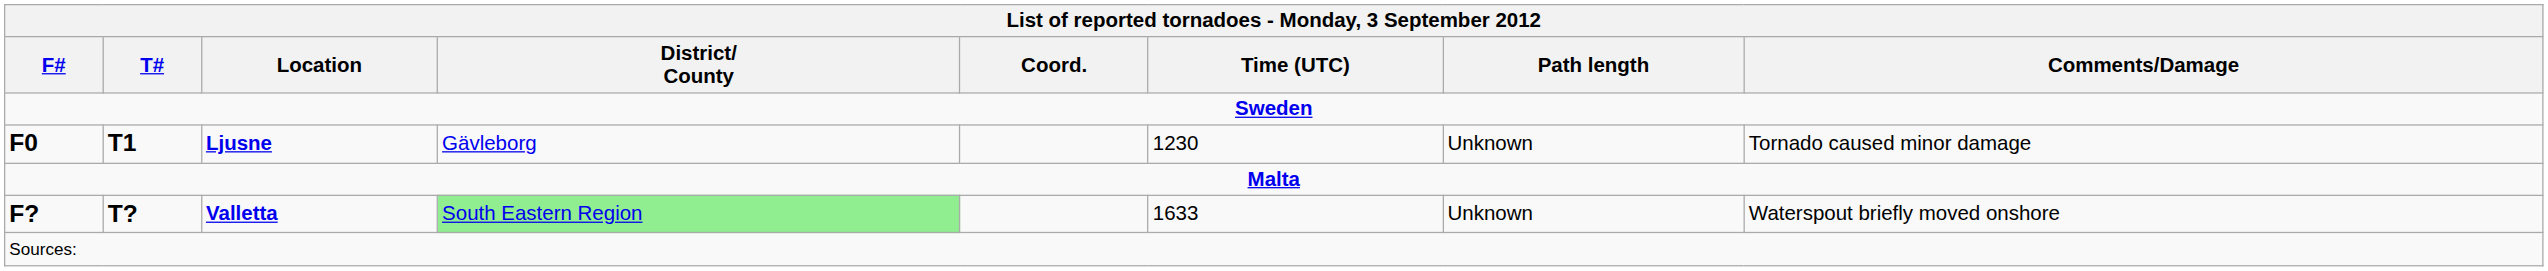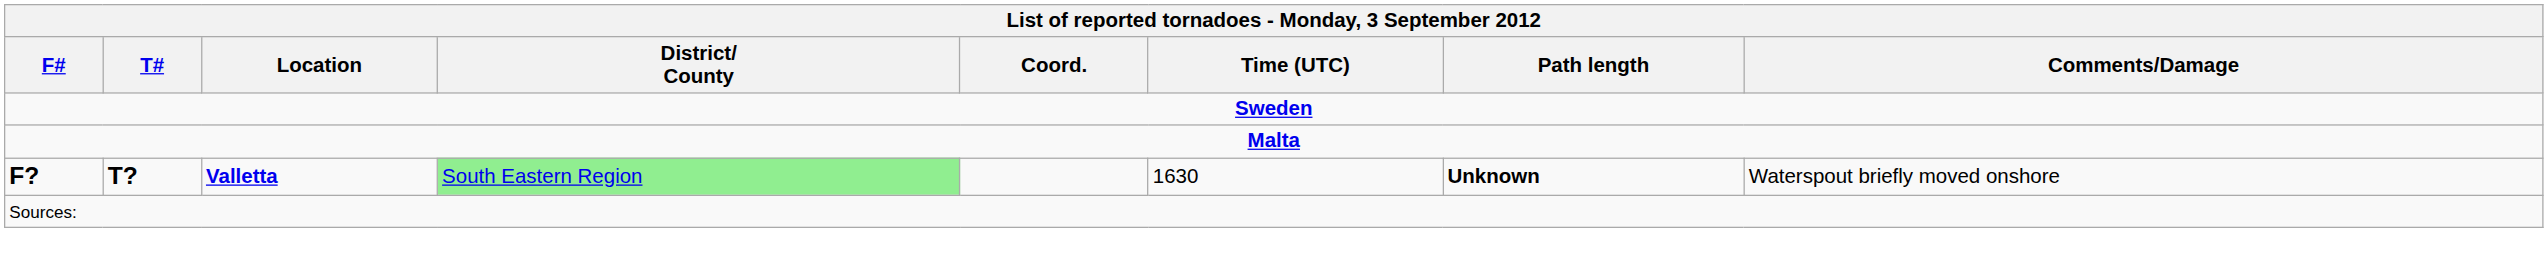 <table class="wikitable collapsible" width="100%">
 <tr>
 <th colspan="8">List of reported tornadoes - Monday, 3 September 2012</th>
 </tr>
 <tr>
 <th><a href='#'>F#</a></th>
 <th><a href='#'>T#</a></th>
 <th>Location</th>
 <th>District/<br>County</th>
 <th>Coord.</th>
 <th>Time (UTC)</th>
 <th>Path length</th>
 <th>Comments/Damage</th>
 </tr>
 <tr>
 <td colspan="8" align=center><strong><a href='#'>Sweden</a></strong></td>
 </tr>
 <tr>
-<td><big><strong>F0</strong></big></td>
-<td><big><strong>T1</strong></big></td>
-<td><strong><a href='#'>Ljusne</a></strong></td>
-<td><a href='#'>Gävleborg</a></td>
-<td></td>
-<td>1230</td>
-<td>Unknown</td>
-<td>Tornado caused minor damage</td>
-</tr>
-<tr>
 <td colspan="8" align=center><strong><a href='#'>Malta</a></strong></td>
 </tr>
 <tr>
 <td><big><strong>F?</strong></big></td>
 <td><big><strong>T?</strong></big></td>
 <td><strong><a href='#'>Valletta</a></strong></td>
 <td style="background: lightgreen;"><a href='#'>South Eastern Region</a></td>
 <td></td>
-<td>1633</td>
-<td>Unknown</td>
+<td>1630</td>
+<td><strong>Unknown</strong></td>
 <td>Waterspout briefly moved onshore</td>
 </tr>
 <tr>
 <td colspan="8"><small>Sources:  </small></td>
 </tr>
 </table>
